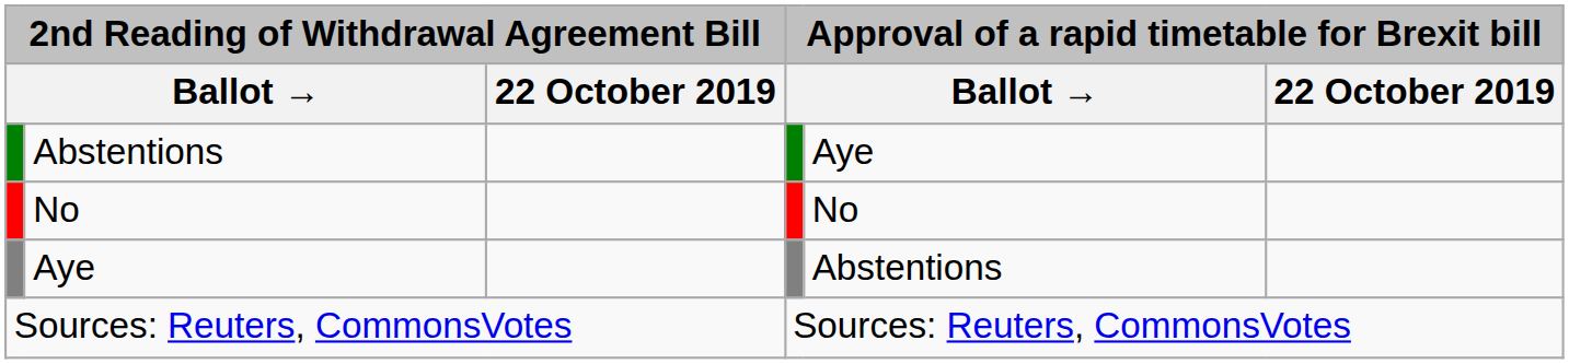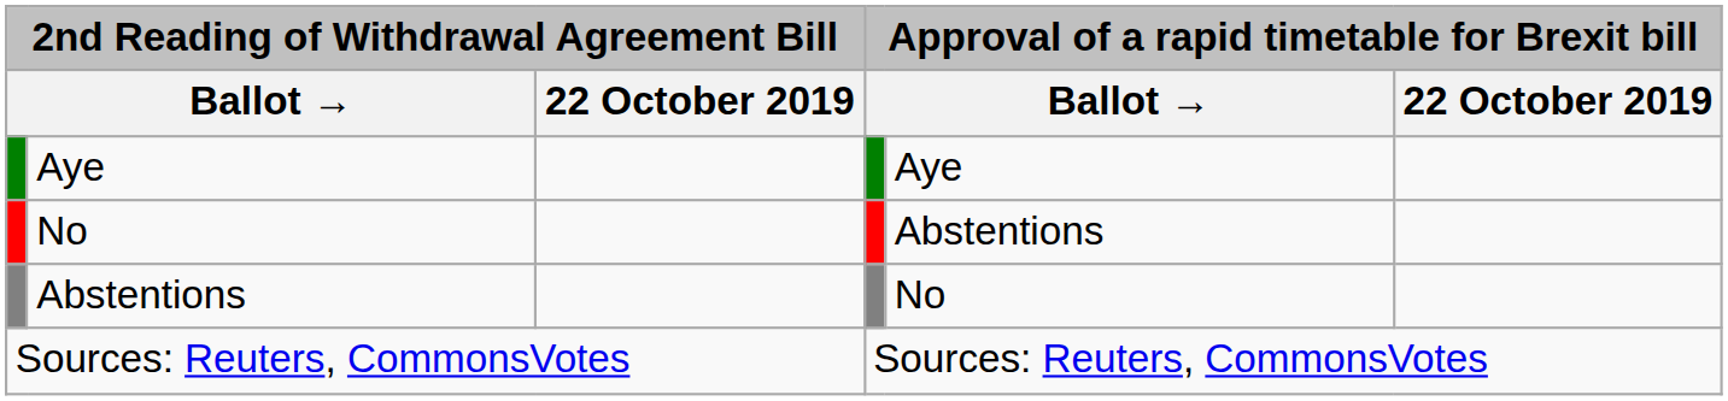 <table class="wikitable" style="text-align:center; font-size:98%;">
 <tr>
 <td colspan="3"  style="text-align:center; background:silver;"><strong>2nd Reading of Withdrawal Agreement Bill</strong></td>
 <td colspan="3"  style="text-align:center; background:silver;"><strong>Approval of a rapid timetable for Brexit bill</strong></td>
 </tr>
 <tr>
 <th colspan="2" style="width:200px;">Ballot →</th>
 <th>22 October 2019</th>
 <th colspan="2" style="width:200px;">Ballot →</th>
 <th>22 October 2019</th>
 </tr>
 <tr>
 <th style="width:1px; background:green;"></th>
-<td style="text-align:left;">Abstentions</td>
+<td style="text-align:left;">Aye</td>
 <td></td>
 <th style="width:1px; background:green;"></th>
 <td style="text-align:left;">Aye</td>
 <td></td>
 </tr>
 <tr>
 <th style="background:red;"></th>
 <td style="text-align:left;">No</td>
 <td></td>
 <th style="background:red;"></th>
-<td style="text-align:left;">No</td>
+<td style="text-align:left;">Abstentions</td>
 <td></td>
 </tr>
 <tr>
 <th style="background:gray;"></th>
-<td style="text-align:left;">Aye</td>
+<td style="text-align:left;">Abstentions</td>
 <td></td>
 <th style="background:gray;"></th>
-<td style="text-align:left;">Abstentions</td>
+<td style="text-align:left;">No</td>
 <td></td>
 </tr>
 <tr>
 <td colspan="3" style="text-align:left;">Sources: <a href='#'>Reuters</a>, <a href='#'>CommonsVotes</a></td>
 <td colspan="3" style="text-align:left;">Sources: <a href='#'>Reuters</a>, <a href='#'>CommonsVotes</a></td>
 </tr>
 </table>
